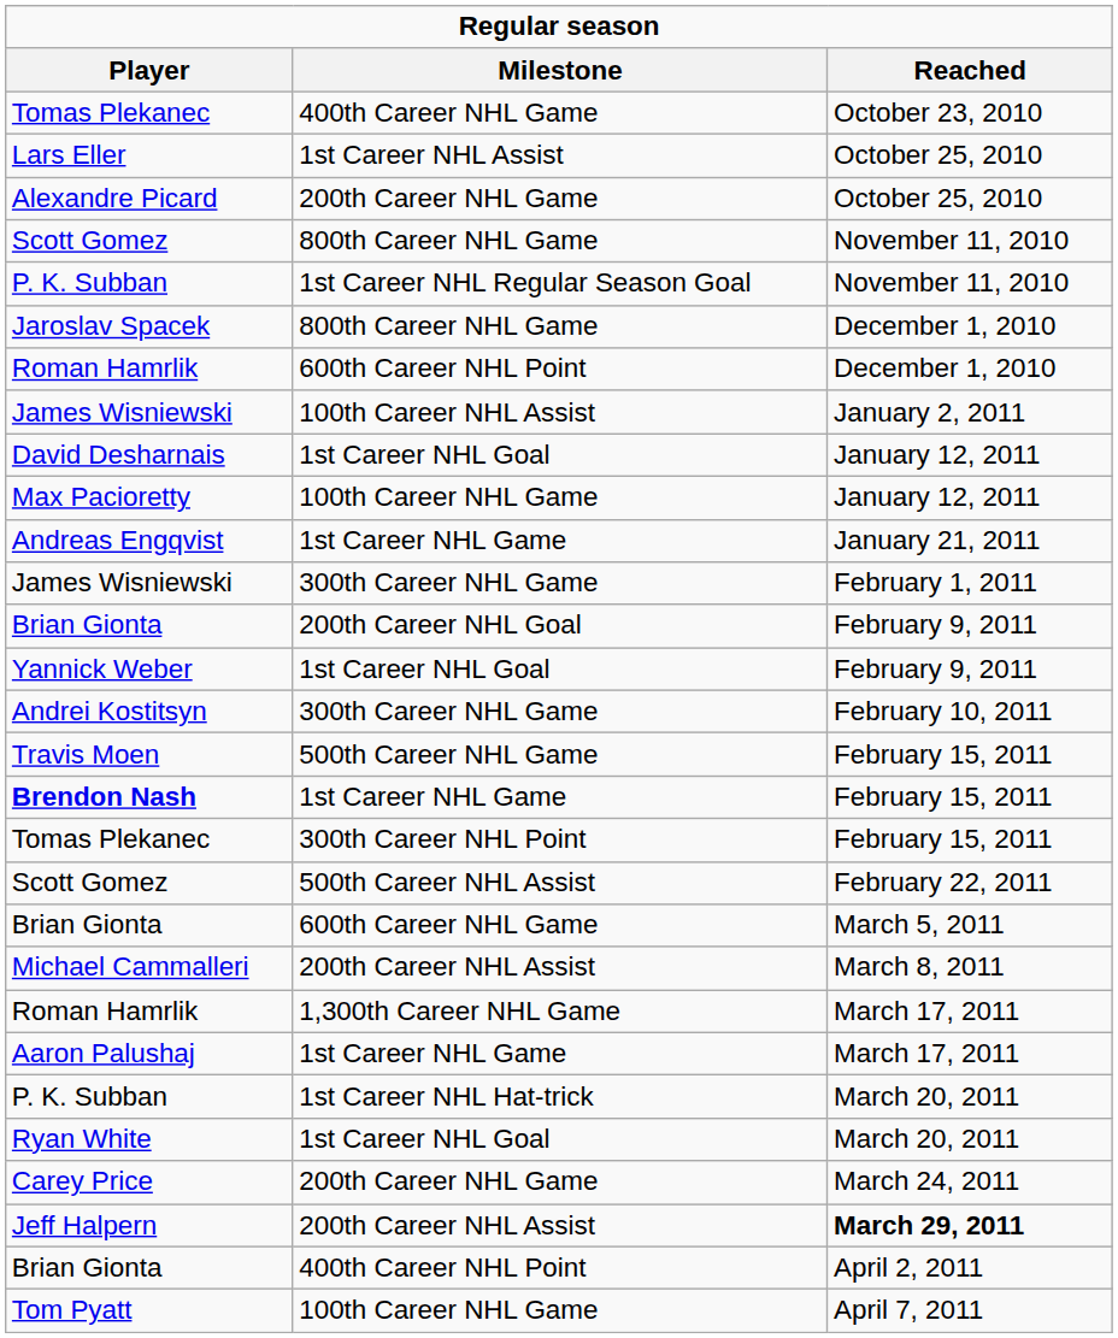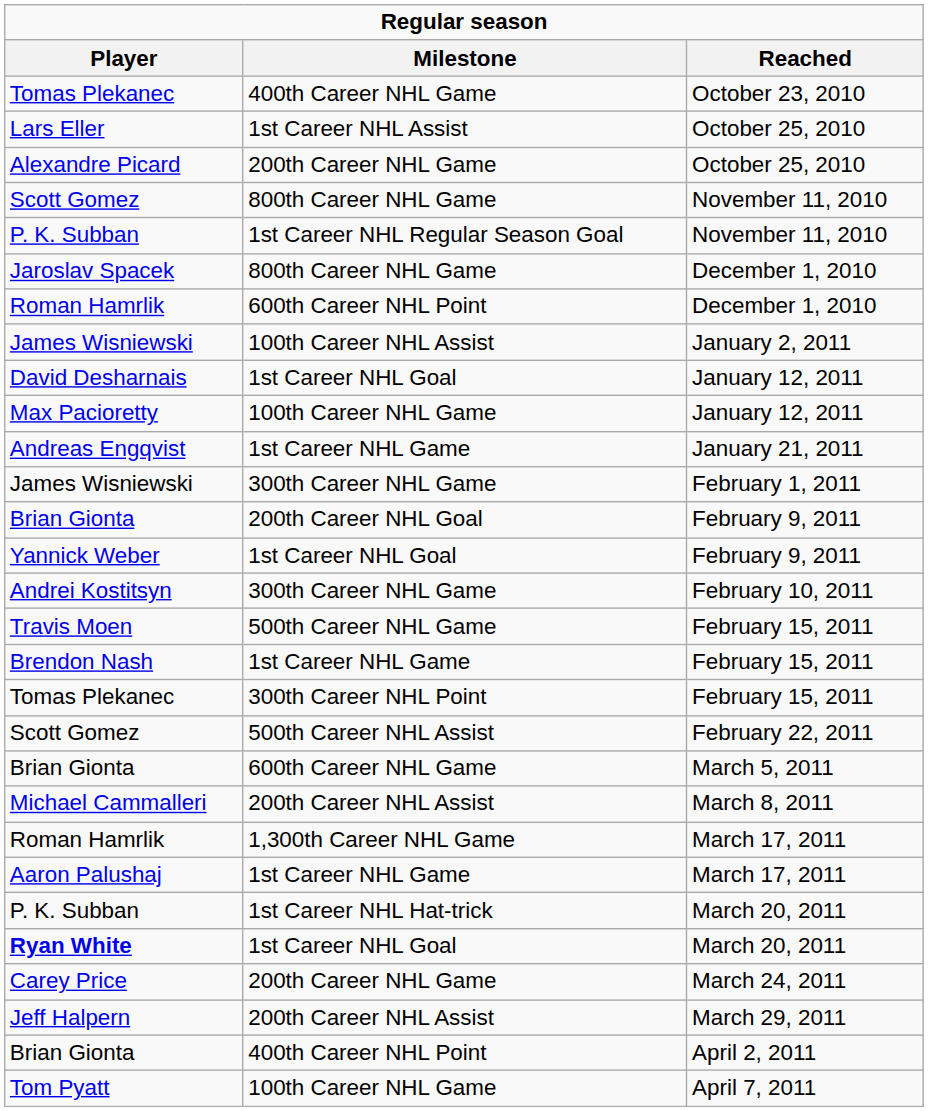 <table class="wikitable" style="width:52%;">
 <tr>
 <td colspan="10" style="text-align:center;"><strong>Regular season</strong></td>
 </tr>
 <tr>
 <th>Player</th>
 <th>Milestone</th>
 <th>Reached</th>
 </tr>
 <tr>
 <td><a href='#'>Tomas Plekanec</a></td>
 <td>400th Career NHL Game</td>
 <td>October 23, 2010</td>
 </tr>
 <tr>
 <td><a href='#'>Lars Eller</a></td>
 <td>1st Career NHL Assist</td>
 <td>October 25, 2010</td>
 </tr>
 <tr>
 <td><a href='#'>Alexandre Picard</a></td>
 <td>200th Career NHL Game</td>
 <td>October 25, 2010</td>
 </tr>
 <tr>
 <td><a href='#'>Scott Gomez</a></td>
 <td>800th Career NHL Game</td>
 <td>November 11, 2010</td>
 </tr>
 <tr>
 <td><a href='#'>P. K. Subban</a></td>
 <td>1st Career NHL Regular Season Goal</td>
 <td>November 11, 2010</td>
 </tr>
 <tr>
 <td><a href='#'>Jaroslav Spacek</a></td>
 <td>800th Career NHL Game</td>
 <td>December 1, 2010</td>
 </tr>
 <tr>
 <td><a href='#'>Roman Hamrlik</a></td>
 <td>600th Career NHL Point</td>
 <td>December 1, 2010</td>
 </tr>
 <tr>
 <td><a href='#'>James Wisniewski</a></td>
 <td>100th Career NHL Assist</td>
 <td>January 2, 2011</td>
 </tr>
 <tr>
 <td><a href='#'>David Desharnais</a></td>
 <td>1st Career NHL Goal</td>
 <td>January 12, 2011</td>
 </tr>
 <tr>
 <td><a href='#'>Max Pacioretty</a></td>
 <td>100th Career NHL Game</td>
 <td>January 12, 2011</td>
 </tr>
 <tr>
 <td><a href='#'>Andreas Engqvist</a></td>
 <td>1st Career NHL Game</td>
 <td>January 21, 2011</td>
 </tr>
 <tr>
 <td>James Wisniewski</td>
 <td>300th Career NHL Game</td>
 <td>February 1, 2011</td>
 </tr>
 <tr>
 <td><a href='#'>Brian Gionta</a></td>
 <td>200th Career NHL Goal</td>
 <td>February 9, 2011</td>
 </tr>
 <tr>
 <td><a href='#'>Yannick Weber</a></td>
 <td>1st Career NHL Goal</td>
 <td>February 9, 2011</td>
 </tr>
 <tr>
 <td><a href='#'>Andrei Kostitsyn</a></td>
 <td>300th Career NHL Game</td>
 <td>February 10, 2011</td>
 </tr>
 <tr>
 <td><a href='#'>Travis Moen</a></td>
 <td>500th Career NHL Game</td>
 <td>February 15, 2011</td>
 </tr>
 <tr>
-<td><strong><a href='#'>Brendon Nash</a></strong></td>
+<td><a href='#'>Brendon Nash</a></td>
 <td>1st Career NHL Game</td>
 <td>February 15, 2011</td>
 </tr>
 <tr>
 <td>Tomas Plekanec</td>
 <td>300th Career NHL Point</td>
 <td>February 15, 2011</td>
 </tr>
 <tr>
 <td>Scott Gomez</td>
 <td>500th Career NHL Assist</td>
 <td>February 22, 2011</td>
 </tr>
 <tr>
 <td>Brian Gionta</td>
 <td>600th Career NHL Game</td>
 <td>March 5, 2011</td>
 </tr>
 <tr>
 <td><a href='#'>Michael Cammalleri</a></td>
 <td>200th Career NHL Assist</td>
 <td>March 8, 2011</td>
 </tr>
 <tr>
 <td>Roman Hamrlik</td>
 <td>1,300th Career NHL Game</td>
 <td>March 17, 2011</td>
 </tr>
 <tr>
 <td><a href='#'>Aaron Palushaj</a></td>
 <td>1st Career NHL Game</td>
 <td>March 17, 2011</td>
 </tr>
 <tr>
 <td>P. K. Subban</td>
 <td>1st Career NHL Hat-trick</td>
 <td>March 20, 2011</td>
 </tr>
 <tr>
-<td><a href='#'>Ryan White</a></td>
+<td><strong><a href='#'>Ryan White</a></strong></td>
 <td>1st Career NHL Goal</td>
 <td>March 20, 2011</td>
 </tr>
 <tr>
 <td><a href='#'>Carey Price</a></td>
 <td>200th Career NHL Game</td>
 <td>March 24, 2011</td>
 </tr>
 <tr>
 <td><a href='#'>Jeff Halpern</a></td>
 <td>200th Career NHL Assist</td>
-<td><strong>March 29, 2011</strong></td>
+<td>March 29, 2011</td>
 </tr>
 <tr>
 <td>Brian Gionta</td>
 <td>400th Career NHL Point</td>
 <td>April 2, 2011</td>
 </tr>
 <tr>
 <td><a href='#'>Tom Pyatt</a></td>
 <td>100th Career NHL Game</td>
 <td>April 7, 2011</td>
 </tr>
 </table>
